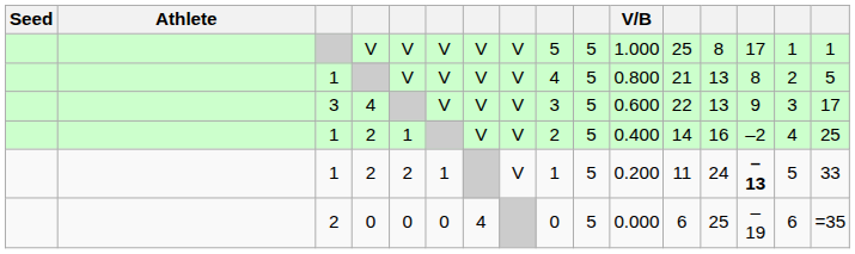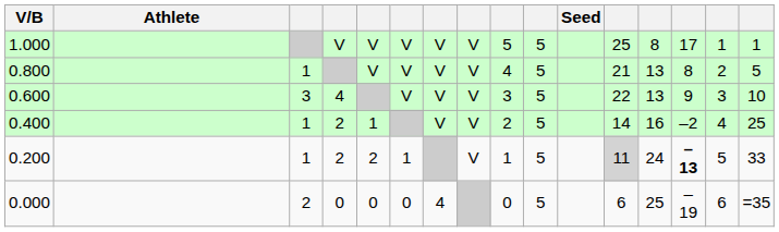 <table class="wikitable" style="text-align:center">
 <tr>
-<th width="25">Seed</th>
+<th width="40">V/B</th>
 <th width="220">Athlete</th>
 <th width="25"></th>
 <th width="25"></th>
 <th width="25"></th>
 <th width="25"></th>
 <th width="25"></th>
 <th width="25"></th>
 <th width="25"></th>
 <th width="25"></th>
-<th width="40">V/B</th>
+<th width="25">Seed</th>
 <th width="25"></th>
 <th width="25"></th>
 <th width="25"></th>
 <th width="25"></th>
 <th width="25"></th>
 </tr>
 <tr bgcolor=ccffcc>
-<td></td>
+<td>1.000</td>
 <td align=left></td>
 <td bgcolor="#cccccc"></td>
 <td>V</td>
 <td>V</td>
 <td>V</td>
 <td>V</td>
 <td>V</td>
 <td>5</td>
 <td>5</td>
-<td>1.000</td>
+<td></td>
 <td>25</td>
 <td>8</td>
 <td>17</td>
 <td>1</td>
 <td>1</td>
 </tr>
 <tr bgcolor=ccffcc>
-<td></td>
+<td>0.800</td>
 <td align=left></td>
 <td>1</td>
 <td bgcolor="#cccccc"></td>
 <td>V</td>
 <td>V</td>
 <td>V</td>
 <td>V</td>
 <td>4</td>
 <td>5</td>
-<td>0.800</td>
+<td></td>
 <td>21</td>
 <td>13</td>
 <td>8</td>
 <td>2</td>
 <td>5</td>
 </tr>
 <tr bgcolor=ccffcc>
-<td></td>
+<td>0.600</td>
 <td align=left></td>
 <td>3</td>
 <td>4</td>
 <td bgcolor="#cccccc"></td>
 <td>V</td>
 <td>V</td>
 <td>V</td>
 <td>3</td>
 <td>5</td>
-<td>0.600</td>
+<td></td>
 <td>22</td>
 <td>13</td>
 <td>9</td>
 <td>3</td>
-<td>17</td>
+<td>10</td>
 </tr>
 <tr bgcolor=ccffcc>
-<td></td>
+<td>0.400</td>
 <td align=left></td>
 <td>1</td>
 <td>2</td>
 <td>1</td>
 <td bgcolor="#cccccc"></td>
 <td>V</td>
 <td>V</td>
 <td>2</td>
 <td>5</td>
-<td>0.400</td>
+<td></td>
 <td>14</td>
 <td>16</td>
 <td>–2</td>
 <td>4</td>
 <td>25</td>
 </tr>
 <tr>
-<td></td>
+<td>0.200</td>
 <td align=left></td>
 <td>1</td>
 <td>2</td>
 <td>2</td>
 <td>1</td>
 <td bgcolor="#cccccc"></td>
 <td>V</td>
 <td>1</td>
 <td>5</td>
-<td>0.200</td>
-<td>11</td>
+<td></td>
+<td style="background: lightgrey;">11</td>
 <td>24</td>
 <td><strong>–13</strong></td>
 <td>5</td>
 <td>33</td>
 </tr>
 <tr>
-<td></td>
+<td>0.000</td>
 <td align=left></td>
 <td>2</td>
 <td>0</td>
 <td>0</td>
 <td>0</td>
 <td>4</td>
 <td bgcolor="#cccccc"></td>
 <td>0</td>
 <td>5</td>
-<td>0.000</td>
+<td></td>
 <td>6</td>
 <td>25</td>
 <td>–19</td>
 <td>6</td>
 <td>=35</td>
 </tr>
 </table>
